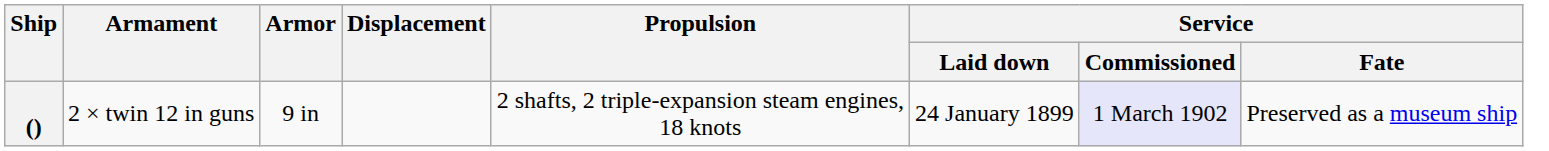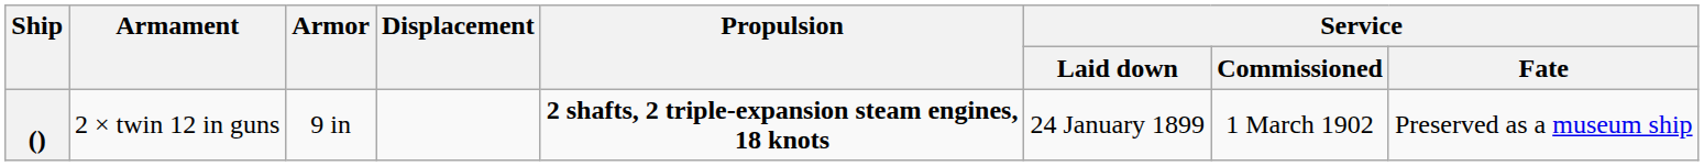 <table class="wikitable plainrowheaders" style="text-align: center;">
 <tr valign="top">
 <th scope="col" rowspan="2">Ship</th>
 <th scope="col" rowspan="2">Armament</th>
 <th scope="col" rowspan="2">Armor</th>
 <th scope="col" rowspan="2">Displacement</th>
 <th scope="col" rowspan="2">Propulsion</th>
 <th scope="col" colspan="3">Service</th>
 </tr>
 <tr valign="top">
 <th scope="col">Laid down</th>
 <th scope="col">Commissioned</th>
 <th scope="col">Fate</th>
 </tr>
 <tr valign="center">
 <th scope="row"><br>()</th>
 <td>2 × twin 12 in guns</td>
 <td>9 in</td>
 <td></td>
-<td>2 shafts, 2 triple-expansion steam engines,<br>18 knots</td>
+<td><strong>2 shafts, 2 triple-expansion steam engines,<br>18 knots</strong></td>
 <td>24 January 1899</td>
-<td style="background: lavender;">1 March 1902</td>
+<td>1 March 1902</td>
 <td>Preserved as a <a href='#'>museum ship</a></td>
 </tr>
 </table>
